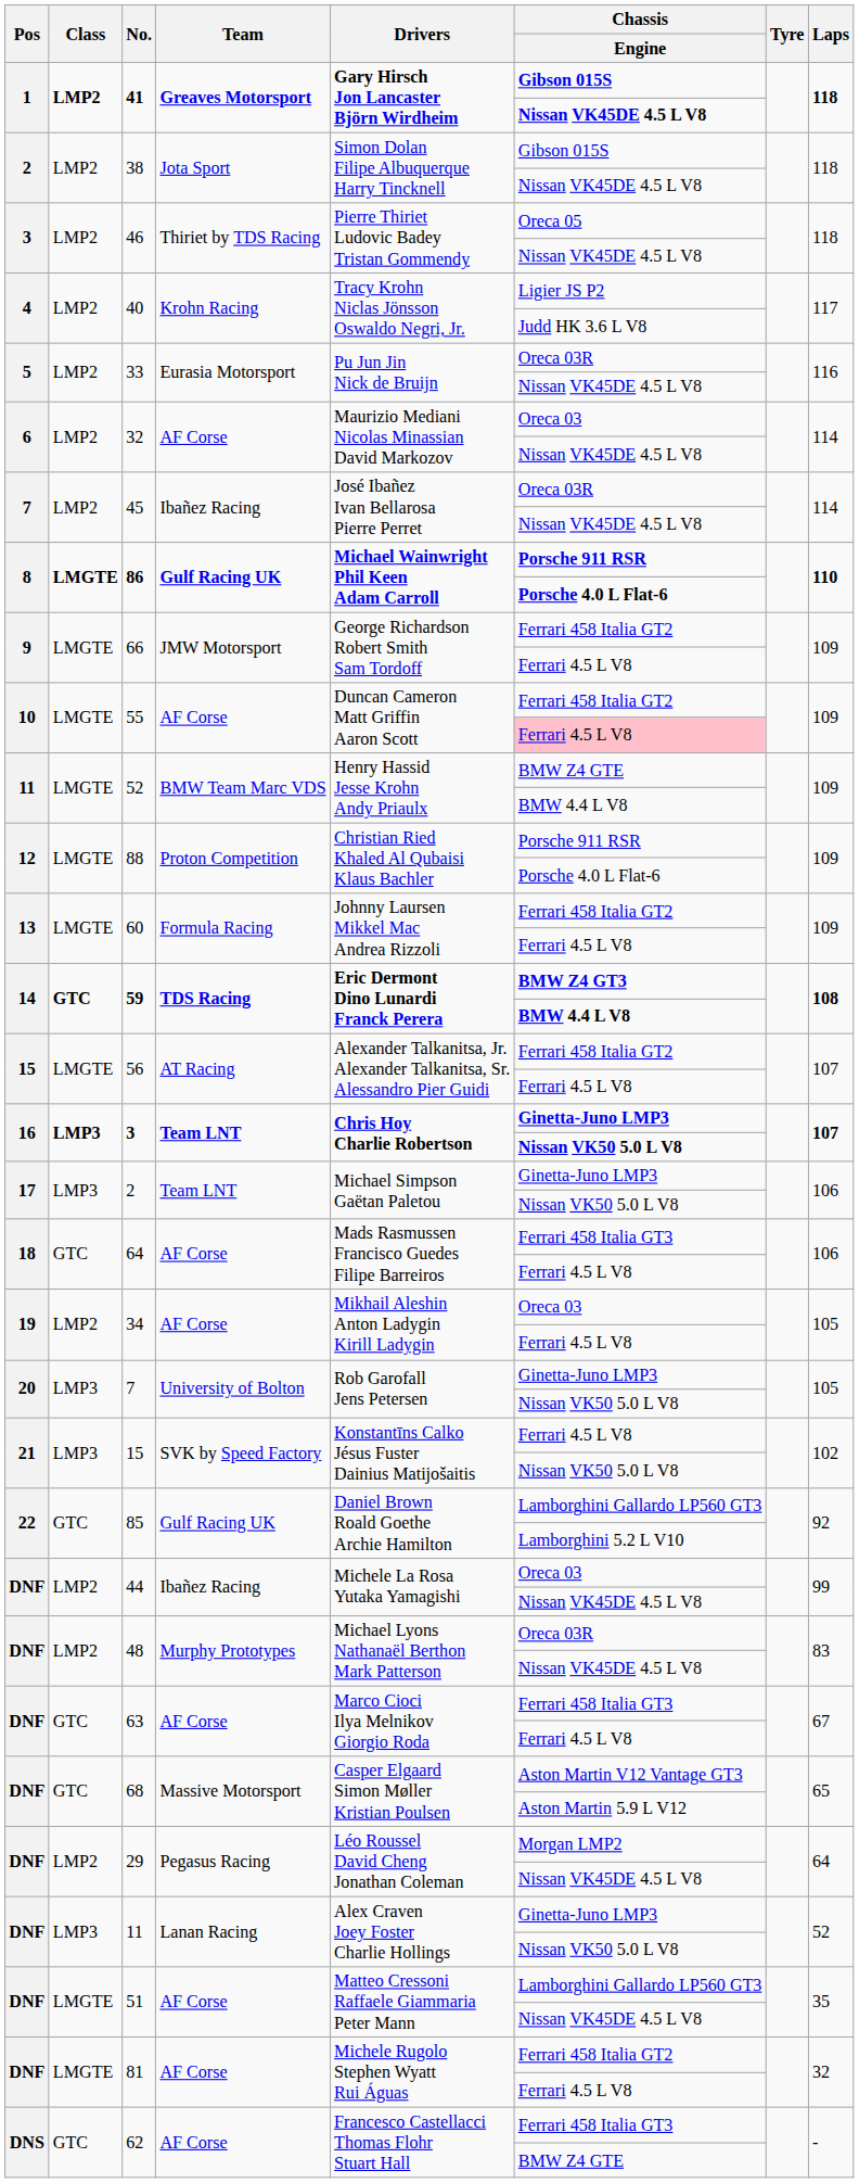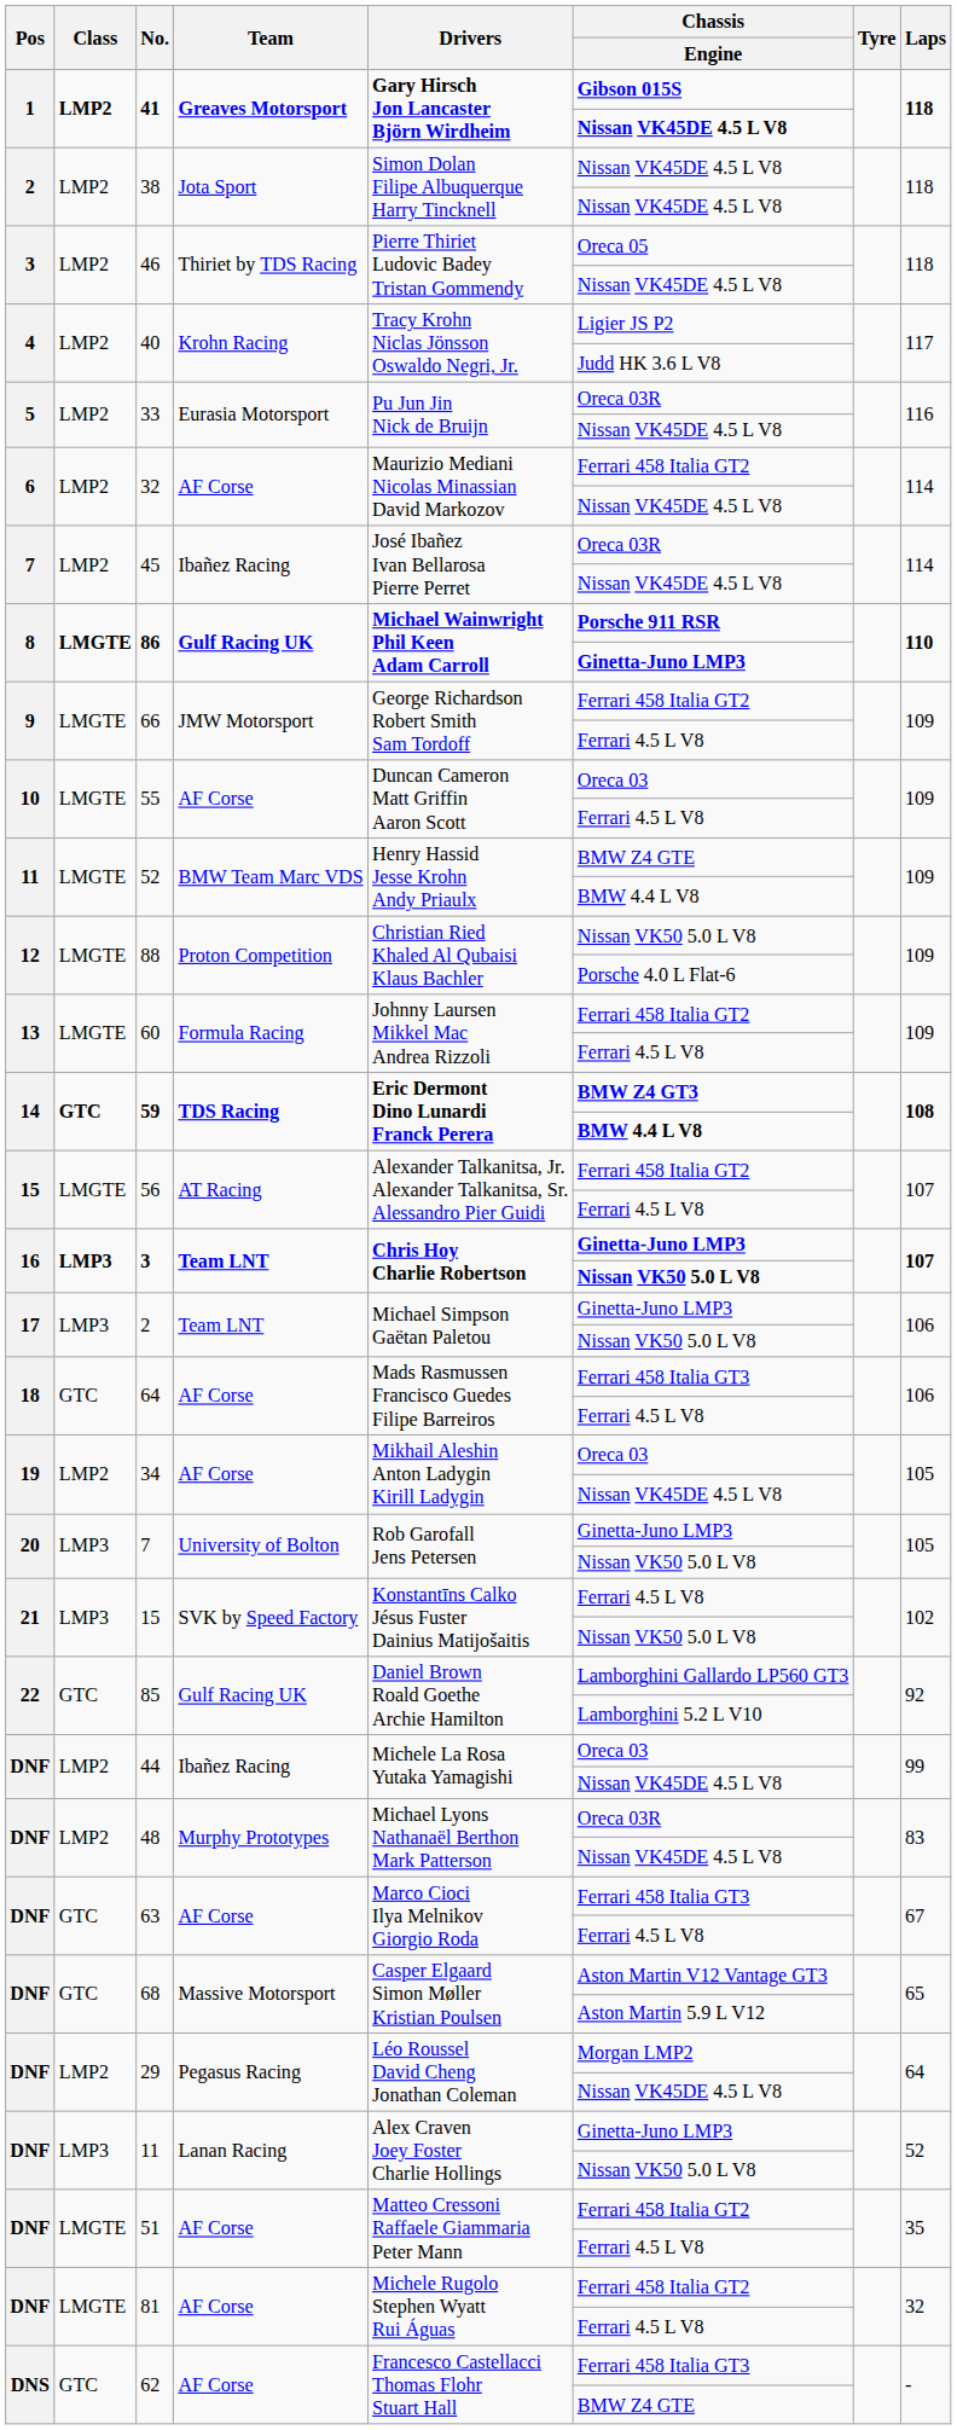 <table class="wikitable" style="font-size: 95%;">
 <tr>
 <th rowspan=2>Pos</th>
 <th rowspan=2>Class</th>
 <th rowspan=2>No.</th>
 <th rowspan=2>Team</th>
 <th rowspan=2>Drivers</th>
 <th>Chassis</th>
 <th rowspan=2>Tyre</th>
 <th rowspan=2>Laps</th>
 </tr>
 <tr>
 <th>Engine</th>
 </tr>
 <tr style="font-weight:bold">
 <th rowspan=2>1</th>
 <td rowspan=2>LMP2</td>
 <td rowspan=2>41</td>
 <td rowspan=2> <a href='#'>Greaves Motorsport</a></td>
 <td rowspan=2> Gary Hirsch<br> <a href='#'>Jon Lancaster</a><br> <a href='#'>Björn Wirdheim</a></td>
 <td><a href='#'>Gibson 015S</a></td>
 <td rowspan=2></td>
 <td rowspan=2>118</td>
 </tr>
 <tr style="font-weight:bold">
 <td><a href='#'>Nissan</a> <a href='#'>VK45DE</a> 4.5 L V8</td>
 </tr>
 <tr>
 <th rowspan=2>2</th>
 <td rowspan=2>LMP2</td>
 <td rowspan=2>38</td>
 <td rowspan=2> <a href='#'>Jota Sport</a></td>
 <td rowspan=2> <a href='#'>Simon Dolan</a><br> <a href='#'>Filipe Albuquerque</a><br> <a href='#'>Harry Tincknell</a></td>
-<td><a href='#'>Gibson 015S</a></td>
+<td><a href='#'>Nissan</a> <a href='#'>VK45DE</a> 4.5 L V8</td>
 <td rowspan=2></td>
 <td rowspan=2>118</td>
 </tr>
 <tr>
 <td><a href='#'>Nissan</a> <a href='#'>VK45DE</a> 4.5 L V8</td>
 </tr>
 <tr>
 <th rowspan=2>3</th>
 <td rowspan=2>LMP2</td>
 <td rowspan=2>46</td>
 <td rowspan=2> Thiriet by <a href='#'>TDS Racing</a></td>
 <td rowspan=2> <a href='#'>Pierre Thiriet</a><br> Ludovic Badey<br> <a href='#'>Tristan Gommendy</a></td>
 <td><a href='#'>Oreca 05</a></td>
 <td rowspan=2></td>
 <td rowspan=2>118</td>
 </tr>
 <tr>
 <td><a href='#'>Nissan</a> <a href='#'>VK45DE</a> 4.5 L V8</td>
 </tr>
 <tr>
 <th rowspan=2>4</th>
 <td rowspan=2>LMP2</td>
 <td rowspan=2>40</td>
 <td rowspan=2> <a href='#'>Krohn Racing</a></td>
 <td rowspan=2> <a href='#'>Tracy Krohn</a><br> <a href='#'>Niclas Jönsson</a><br> <a href='#'>Oswaldo Negri, Jr.</a></td>
 <td><a href='#'>Ligier JS P2</a></td>
 <td rowspan=2></td>
 <td rowspan=2>117</td>
 </tr>
 <tr>
 <td><a href='#'>Judd</a> HK 3.6 L V8</td>
 </tr>
 <tr>
 <th rowspan=2>5</th>
 <td rowspan=2>LMP2</td>
 <td rowspan=2>33</td>
 <td rowspan=2> Eurasia Motorsport</td>
 <td rowspan=2> <a href='#'>Pu Jun Jin</a><br> <a href='#'>Nick de Bruijn</a></td>
 <td><a href='#'>Oreca 03R</a></td>
 <td rowspan=2></td>
 <td rowspan=2>116</td>
 </tr>
 <tr>
 <td><a href='#'>Nissan</a> <a href='#'>VK45DE</a> 4.5 L V8</td>
 </tr>
 <tr>
 <th rowspan=2>6</th>
 <td rowspan=2>LMP2</td>
 <td rowspan=2>32</td>
 <td rowspan=2> <a href='#'>AF Corse</a></td>
 <td rowspan=2> Maurizio Mediani<br> <a href='#'>Nicolas Minassian</a><br> David Markozov</td>
-<td><a href='#'>Oreca 03</a></td>
+<td><a href='#'>Ferrari 458 Italia GT2</a></td>
 <td rowspan=2></td>
 <td rowspan=2>114</td>
 </tr>
 <tr>
 <td><a href='#'>Nissan</a> <a href='#'>VK45DE</a> 4.5 L V8</td>
 </tr>
 <tr>
 <th rowspan=2>7</th>
 <td rowspan=2>LMP2</td>
 <td rowspan=2>45</td>
 <td rowspan=2> Ibañez Racing</td>
 <td rowspan=2> José Ibañez<br> Ivan Bellarosa<br> Pierre Perret</td>
 <td><a href='#'>Oreca 03R</a></td>
 <td rowspan=2></td>
 <td rowspan=2>114</td>
 </tr>
 <tr>
 <td><a href='#'>Nissan</a> <a href='#'>VK45DE</a> 4.5 L V8</td>
 </tr>
 <tr style="font-weight:bold">
 <th rowspan=2>8</th>
 <td rowspan=2>LMGTE</td>
 <td rowspan=2>86</td>
 <td rowspan=2> <a href='#'>Gulf Racing UK</a></td>
 <td rowspan=2> <a href='#'>Michael Wainwright</a><br> <a href='#'>Phil Keen</a><br> <a href='#'>Adam Carroll</a></td>
 <td><a href='#'>Porsche 911 RSR</a></td>
 <td rowspan=2></td>
 <td rowspan=2>110</td>
 </tr>
 <tr style="font-weight:bold">
-<td><a href='#'>Porsche</a> 4.0 L Flat-6</td>
+<td><a href='#'>Ginetta-Juno LMP3</a></td>
 </tr>
 <tr>
 <th rowspan=2>9</th>
 <td rowspan=2>LMGTE</td>
 <td rowspan=2>66</td>
 <td rowspan=2> JMW Motorsport</td>
 <td rowspan=2> George Richardson<br> Robert Smith<br> <a href='#'>Sam Tordoff</a></td>
 <td><a href='#'>Ferrari 458 Italia GT2</a></td>
 <td rowspan=2></td>
 <td rowspan=2>109</td>
 </tr>
 <tr>
 <td><a href='#'>Ferrari</a> 4.5 L V8</td>
 </tr>
 <tr>
 <th rowspan=2>10</th>
 <td rowspan=2>LMGTE</td>
 <td rowspan=2>55</td>
 <td rowspan=2> <a href='#'>AF Corse</a></td>
 <td rowspan=2> Duncan Cameron<br> Matt Griffin<br> Aaron Scott</td>
-<td><a href='#'>Ferrari 458 Italia GT2</a></td>
+<td><a href='#'>Oreca 03</a></td>
 <td rowspan=2></td>
 <td rowspan=2>109</td>
 </tr>
 <tr>
-<td style="background: pink;"><a href='#'>Ferrari</a> 4.5 L V8</td>
+<td><a href='#'>Ferrari</a> 4.5 L V8</td>
 </tr>
 <tr>
 <th rowspan=2>11</th>
 <td rowspan=2>LMGTE</td>
 <td rowspan=2>52</td>
 <td rowspan=2> <a href='#'>BMW Team Marc VDS</a></td>
 <td rowspan=2> Henry Hassid<br> <a href='#'>Jesse Krohn</a><br> <a href='#'>Andy Priaulx</a></td>
 <td><a href='#'>BMW Z4 GTE</a></td>
 <td rowspan=2></td>
 <td rowspan=2>109</td>
 </tr>
 <tr>
 <td><a href='#'>BMW</a> 4.4 L V8</td>
 </tr>
 <tr>
 <th rowspan=2>12</th>
 <td rowspan=2>LMGTE</td>
 <td rowspan=2>88</td>
 <td rowspan=2> <a href='#'>Proton Competition</a></td>
 <td rowspan=2> <a href='#'>Christian Ried</a><br> <a href='#'>Khaled Al Qubaisi</a><br> <a href='#'>Klaus Bachler</a></td>
-<td><a href='#'>Porsche 911 RSR</a></td>
+<td><a href='#'>Nissan</a> <a href='#'>VK50</a> 5.0 L V8</td>
 <td rowspan=2></td>
 <td rowspan=2>109</td>
 </tr>
 <tr>
 <td><a href='#'>Porsche</a> 4.0 L Flat-6</td>
 </tr>
 <tr>
 <th rowspan=2>13</th>
 <td rowspan=2>LMGTE</td>
 <td rowspan=2>60</td>
 <td rowspan=2> <a href='#'>Formula Racing</a></td>
 <td rowspan=2> Johnny Laursen<br> <a href='#'>Mikkel Mac</a><br> Andrea Rizzoli</td>
 <td><a href='#'>Ferrari 458 Italia GT2</a></td>
 <td rowspan=2></td>
 <td rowspan=2>109</td>
 </tr>
 <tr>
 <td><a href='#'>Ferrari</a> 4.5 L V8</td>
 </tr>
 <tr style="font-weight:bold">
 <th rowspan=2>14</th>
 <td rowspan=2>GTC</td>
 <td rowspan=2>59</td>
 <td rowspan=2> <a href='#'>TDS Racing</a></td>
 <td rowspan=2> Eric Dermont<br> Dino Lunardi<br> <a href='#'>Franck Perera</a></td>
 <td><a href='#'>BMW Z4 GT3</a></td>
 <td rowspan=2></td>
 <td rowspan=2>108</td>
 </tr>
 <tr style="font-weight:bold">
 <td><a href='#'>BMW</a> 4.4 L V8</td>
 </tr>
 <tr>
 <th rowspan=2>15</th>
 <td rowspan=2>LMGTE</td>
 <td rowspan=2>56</td>
 <td rowspan=2> <a href='#'>AT Racing</a></td>
 <td rowspan=2> Alexander Talkanitsa, Jr.<br> Alexander Talkanitsa, Sr.<br> <a href='#'>Alessandro Pier Guidi</a></td>
 <td><a href='#'>Ferrari 458 Italia GT2</a></td>
 <td rowspan=2></td>
 <td rowspan=2>107</td>
 </tr>
 <tr>
 <td><a href='#'>Ferrari</a> 4.5 L V8</td>
 </tr>
 <tr style="font-weight:bold">
 <th rowspan=2>16</th>
 <td rowspan=2>LMP3</td>
 <td rowspan=2>3</td>
 <td rowspan=2> <a href='#'>Team LNT</a></td>
 <td rowspan=2> <a href='#'>Chris Hoy</a><br> Charlie Robertson</td>
 <td><a href='#'>Ginetta-Juno LMP3</a></td>
 <td rowspan=2></td>
 <td rowspan=2>107</td>
 </tr>
 <tr style="font-weight:bold">
 <td><a href='#'>Nissan</a> <a href='#'>VK50</a> 5.0 L V8</td>
 </tr>
 <tr>
 <th rowspan=2>17</th>
 <td rowspan=2>LMP3</td>
 <td rowspan=2>2</td>
 <td rowspan=2> <a href='#'>Team LNT</a></td>
 <td rowspan=2> Michael Simpson<br> Gaëtan Paletou</td>
 <td><a href='#'>Ginetta-Juno LMP3</a></td>
 <td rowspan=2></td>
 <td rowspan=2>106</td>
 </tr>
 <tr>
 <td><a href='#'>Nissan</a> <a href='#'>VK50</a> 5.0 L V8</td>
 </tr>
 <tr>
 <th rowspan=2>18</th>
 <td rowspan=2>GTC</td>
 <td rowspan=2>64</td>
 <td rowspan=2> <a href='#'>AF Corse</a></td>
 <td rowspan=2> Mads Rasmussen<br> Francisco Guedes<br> Filipe Barreiros</td>
 <td><a href='#'>Ferrari 458 Italia GT3</a></td>
 <td rowspan=2></td>
 <td rowspan=2>106</td>
 </tr>
 <tr>
 <td><a href='#'>Ferrari</a> 4.5 L V8</td>
 </tr>
 <tr>
 <th rowspan=2>19</th>
 <td rowspan=2>LMP2</td>
 <td rowspan=2>34</td>
 <td rowspan=2> <a href='#'>AF Corse</a></td>
 <td rowspan=2> <a href='#'>Mikhail Aleshin</a><br> Anton Ladygin<br> <a href='#'>Kirill Ladygin</a></td>
 <td><a href='#'>Oreca 03</a></td>
 <td rowspan=2></td>
 <td rowspan=2>105</td>
 </tr>
 <tr>
-<td><a href='#'>Ferrari</a> 4.5 L V8</td>
+<td><a href='#'>Nissan</a> <a href='#'>VK45DE</a> 4.5 L V8</td>
 </tr>
 <tr>
 <th rowspan=2>20</th>
 <td rowspan=2>LMP3</td>
 <td rowspan=2>7</td>
 <td rowspan=2> <a href='#'>University of Bolton</a></td>
 <td rowspan=2> Rob Garofall<br> Jens Petersen</td>
 <td><a href='#'>Ginetta-Juno LMP3</a></td>
 <td rowspan=2></td>
 <td rowspan=2>105</td>
 </tr>
 <tr>
 <td><a href='#'>Nissan</a> <a href='#'>VK50</a> 5.0 L V8</td>
 </tr>
 <tr>
 <th rowspan=2>21</th>
 <td rowspan=2>LMP3</td>
 <td rowspan=2>15</td>
 <td rowspan=2> SVK by <a href='#'>Speed Factory</a></td>
 <td rowspan=2> <a href='#'>Konstantīns Calko</a><br> Jésus Fuster<br> Dainius Matijošaitis</td>
 <td><a href='#'>Ferrari</a> 4.5 L V8</td>
 <td rowspan=2></td>
 <td rowspan=2>102</td>
 </tr>
 <tr>
 <td><a href='#'>Nissan</a> <a href='#'>VK50</a> 5.0 L V8</td>
 </tr>
 <tr>
 <th rowspan=2>22</th>
 <td rowspan=2>GTC</td>
 <td rowspan=2>85</td>
 <td rowspan=2> <a href='#'>Gulf Racing UK</a></td>
 <td rowspan=2> <a href='#'>Daniel Brown</a><br> Roald Goethe<br> Archie Hamilton</td>
 <td><a href='#'>Lamborghini Gallardo LP560 GT3</a></td>
 <td rowspan=2></td>
 <td rowspan=2>92</td>
 </tr>
 <tr>
 <td><a href='#'>Lamborghini</a> 5.2 L V10</td>
 </tr>
 <tr>
 <th rowspan=2>DNF</th>
 <td rowspan=2>LMP2</td>
 <td rowspan=2>44</td>
 <td rowspan=2> Ibañez Racing</td>
 <td rowspan=2> Michele La Rosa<br> Yutaka Yamagishi</td>
 <td><a href='#'>Oreca 03</a></td>
 <td rowspan=2></td>
 <td rowspan=2>99</td>
 </tr>
 <tr>
 <td><a href='#'>Nissan</a> <a href='#'>VK45DE</a> 4.5 L V8</td>
 </tr>
 <tr>
 <th rowspan=2>DNF</th>
 <td rowspan=2>LMP2</td>
 <td rowspan=2>48</td>
 <td rowspan=2> <a href='#'>Murphy Prototypes</a></td>
 <td rowspan=2> Michael Lyons<br> <a href='#'>Nathanaël Berthon</a><br> <a href='#'>Mark Patterson</a></td>
 <td><a href='#'>Oreca 03R</a></td>
 <td rowspan=2></td>
 <td rowspan=2>83</td>
 </tr>
 <tr>
 <td><a href='#'>Nissan</a> <a href='#'>VK45DE</a> 4.5 L V8</td>
 </tr>
 <tr>
 <th rowspan=2>DNF</th>
 <td rowspan=2>GTC</td>
 <td rowspan=2>63</td>
 <td rowspan=2> <a href='#'>AF Corse</a></td>
 <td rowspan=2> <a href='#'>Marco Cioci</a><br> Ilya Melnikov<br> <a href='#'>Giorgio Roda</a></td>
 <td><a href='#'>Ferrari 458 Italia GT3</a></td>
 <td rowspan=2></td>
 <td rowspan=2>67</td>
 </tr>
 <tr>
 <td><a href='#'>Ferrari</a> 4.5 L V8</td>
 </tr>
 <tr>
 <th rowspan=2>DNF</th>
 <td rowspan=2>GTC</td>
 <td rowspan=2>68</td>
 <td rowspan=2> Massive Motorsport</td>
 <td rowspan=2> <a href='#'>Casper Elgaard</a><br> Simon Møller<br> <a href='#'>Kristian Poulsen</a></td>
 <td><a href='#'>Aston Martin V12 Vantage GT3</a></td>
 <td rowspan=2></td>
 <td rowspan=2>65</td>
 </tr>
 <tr>
 <td><a href='#'>Aston Martin</a> 5.9 L V12</td>
 </tr>
 <tr>
 <th rowspan=2>DNF</th>
 <td rowspan=2>LMP2</td>
 <td rowspan=2>29</td>
 <td rowspan=2> Pegasus Racing</td>
 <td rowspan=2> <a href='#'>Léo Roussel</a><br> <a href='#'>David Cheng</a><br> Jonathan Coleman</td>
 <td><a href='#'>Morgan LMP2</a></td>
 <td rowspan=2></td>
 <td rowspan=2>64</td>
 </tr>
 <tr>
 <td><a href='#'>Nissan</a> <a href='#'>VK45DE</a> 4.5 L V8</td>
 </tr>
 <tr>
 <th rowspan=2>DNF</th>
 <td rowspan=2>LMP3</td>
 <td rowspan=2>11</td>
 <td rowspan=2> Lanan Racing</td>
 <td rowspan=2> Alex Craven<br> <a href='#'>Joey Foster</a><br> Charlie Hollings</td>
 <td><a href='#'>Ginetta-Juno LMP3</a></td>
 <td rowspan=2></td>
 <td rowspan=2>52</td>
 </tr>
 <tr>
 <td><a href='#'>Nissan</a> <a href='#'>VK50</a> 5.0 L V8</td>
 </tr>
 <tr>
 <th rowspan=2>DNF</th>
 <td rowspan=2>LMGTE</td>
 <td rowspan=2>51</td>
 <td rowspan=2> <a href='#'>AF Corse</a></td>
 <td rowspan=2> <a href='#'>Matteo Cressoni</a><br> <a href='#'>Raffaele Giammaria</a><br> Peter Mann</td>
-<td><a href='#'>Lamborghini Gallardo LP560 GT3</a></td>
+<td><a href='#'>Ferrari 458 Italia GT2</a></td>
 <td rowspan=2></td>
 <td rowspan=2>35</td>
 </tr>
 <tr>
-<td><a href='#'>Nissan</a> <a href='#'>VK45DE</a> 4.5 L V8</td>
+<td><a href='#'>Ferrari</a> 4.5 L V8</td>
 </tr>
 <tr>
 <th rowspan=2>DNF</th>
 <td rowspan=2>LMGTE</td>
 <td rowspan=2>81</td>
 <td rowspan=2> <a href='#'>AF Corse</a></td>
 <td rowspan=2> <a href='#'>Michele Rugolo</a><br> Stephen Wyatt<br> <a href='#'>Rui Águas</a></td>
 <td><a href='#'>Ferrari 458 Italia GT2</a></td>
 <td rowspan=2></td>
 <td rowspan=2>32</td>
 </tr>
 <tr>
 <td><a href='#'>Ferrari</a> 4.5 L V8</td>
 </tr>
 <tr>
 <th rowspan=2>DNS</th>
 <td rowspan=2>GTC</td>
 <td rowspan=2>62</td>
 <td rowspan=2> <a href='#'>AF Corse</a></td>
 <td rowspan=2> <a href='#'>Francesco Castellacci</a><br> <a href='#'>Thomas Flohr</a><br> <a href='#'>Stuart Hall</a></td>
 <td><a href='#'>Ferrari 458 Italia GT3</a></td>
 <td rowspan=2></td>
 <td rowspan=2>-</td>
 </tr>
 <tr>
 <td><a href='#'>BMW Z4 GTE</a></td>
 </tr>
 </table>
